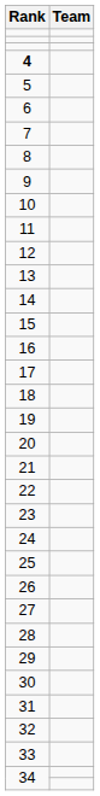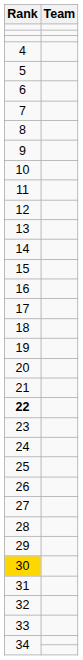 <table class="wikitable">
 <tr>
 <th>Rank</th>
 <th>Team</th>
 </tr>
 <tr>
 <td align=center></td>
 <td></td>
 </tr>
 <tr>
 <td align=center></td>
 <td></td>
 </tr>
 <tr>
 <td align=center></td>
 <td></td>
 </tr>
 <tr>
-<td align=center><strong>4</strong></td>
+<td align=center>4</td>
 <td></td>
 </tr>
 <tr>
 <td align=center>5</td>
 <td></td>
 </tr>
 <tr>
 <td align=center>6</td>
 <td></td>
 </tr>
 <tr>
 <td align=center>7</td>
 <td></td>
 </tr>
 <tr>
 <td align=center>8</td>
 <td></td>
 </tr>
 <tr>
 <td align=center>9</td>
 <td></td>
 </tr>
 <tr>
 <td align=center>10</td>
 <td></td>
 </tr>
 <tr>
 <td align=center>11</td>
 <td></td>
 </tr>
 <tr>
 <td align=center>12</td>
 <td></td>
 </tr>
 <tr>
 <td align=center>13</td>
 <td></td>
 </tr>
 <tr>
 <td align=center>14</td>
 <td></td>
 </tr>
 <tr>
 <td align=center>15</td>
 <td></td>
 </tr>
 <tr>
 <td align=center>16</td>
 <td></td>
 </tr>
 <tr>
 <td align=center>17</td>
 <td></td>
 </tr>
 <tr>
 <td align=center>18</td>
 <td></td>
 </tr>
 <tr>
 <td align=center>19</td>
 <td></td>
 </tr>
 <tr>
 <td align=center>20</td>
 <td></td>
 </tr>
 <tr>
 <td align=center>21</td>
 <td></td>
 </tr>
 <tr>
-<td align=center>22</td>
+<td align=center><strong>22</strong></td>
 <td></td>
 </tr>
 <tr>
 <td align=center>23</td>
 <td></td>
 </tr>
 <tr>
 <td align=center>24</td>
 <td></td>
 </tr>
 <tr>
 <td align=center>25</td>
 <td></td>
 </tr>
 <tr>
 <td align=center>26</td>
 <td></td>
 </tr>
 <tr>
 <td align=center>27</td>
 <td></td>
 </tr>
 <tr>
 <td align=center>28</td>
 <td></td>
 </tr>
 <tr>
 <td align=center>29</td>
 <td></td>
 </tr>
 <tr>
-<td align=center>30</td>
+<td align=center style="background: gold;">30</td>
 <td></td>
 </tr>
 <tr>
 <td align=center>31</td>
 <td></td>
 </tr>
 <tr>
 <td align=center>32</td>
 <td></td>
 </tr>
 <tr>
 <td align=center>33</td>
 <td></td>
 </tr>
 <tr>
 <td align=center rowspan=2>34</td>
 <td></td>
 </tr>
 <tr>
 <td></td>
 </tr>
 </table>
